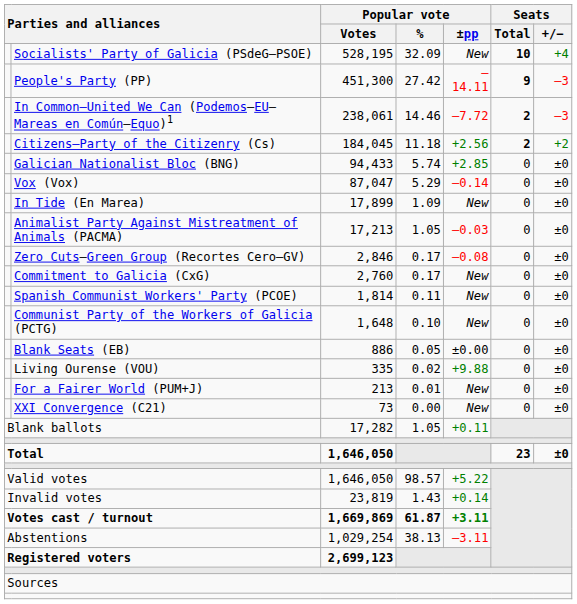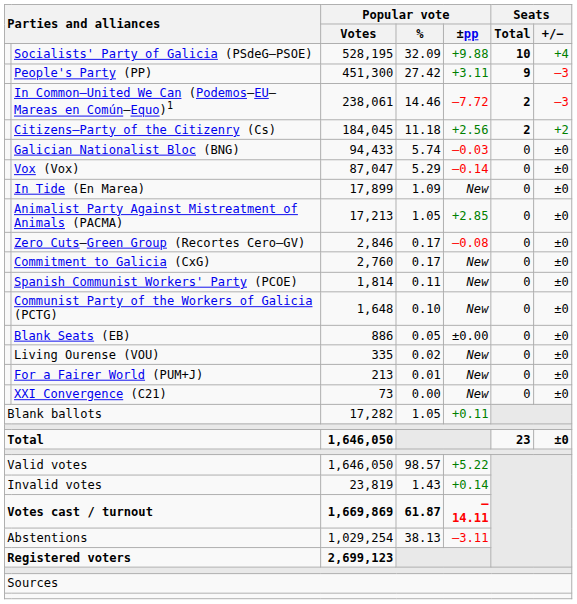 <table class="wikitable" style="text-align:right;">
 <tr>
 <th style="text-align:left;" rowspan="2" colspan="2" width="525">Parties and alliances</th>
 <th colspan="3">Popular vote</th>
 <th colspan="2">Seats</th>
 </tr>
 <tr>
 <th width="75">Votes</th>
 <th width="45">%</th>
 <th width="45">±<a href='#'>pp</a></th>
 <th width="35">Total</th>
 <th width="35">+/−</th>
 </tr>
 <tr>
 <td width="1" style="color:inherit;background:"></td>
 <td align="left"><a href='#'>Socialists' Party of Galicia</a> (PSdeG–PSOE)</td>
 <td>528,195</td>
 <td>32.09</td>
-<td><em>New</em></td>
+<td style="color:green;">+9.88</td>
 <td><strong>10</strong></td>
 <td style="color:green;">+4</td>
 </tr>
 <tr>
 <td style="color:inherit;background:"></td>
 <td align="left"><a href='#'>People's Party</a> (PP)</td>
 <td>451,300</td>
 <td>27.42</td>
-<td style="color:red;">–14.11</td>
+<td style="color:green;">+3.11</td>
 <td><strong>9</strong></td>
 <td style="color:red;">–3</td>
 </tr>
 <tr>
 <td style="color:inherit;background:"></td>
 <td align="left"><a href='#'>In Common–United We Can</a> (<a href='#'>Podemos</a>–<a href='#'>EU</a>–<a href='#'>Mareas en Común</a>–<a href='#'>Equo</a>)<sup>1</sup></td>
 <td>238,061</td>
 <td>14.46</td>
 <td style="color:red;">–7.72</td>
 <td><strong>2</strong></td>
 <td style="color:red;">–3</td>
 </tr>
 <tr>
 <td style="color:inherit;background:"></td>
 <td align="left"><a href='#'>Citizens–Party of the Citizenry</a> (Cs)</td>
 <td>184,045</td>
 <td>11.18</td>
 <td style="color:green;">+2.56</td>
 <td><strong>2</strong></td>
 <td style="color:green;">+2</td>
 </tr>
 <tr>
 <td style="color:inherit;background:"></td>
 <td align="left"><a href='#'>Galician Nationalist Bloc</a> (BNG)</td>
 <td>94,433</td>
 <td>5.74</td>
-<td style="color:green;">+2.85</td>
+<td style="color:red;">–0.03</td>
 <td>0</td>
 <td>±0</td>
 </tr>
 <tr>
 <td style="color:inherit;background:"></td>
 <td align="left"><a href='#'>Vox</a> (Vox)</td>
 <td>87,047</td>
 <td>5.29</td>
 <td style="color:red;">–0.14</td>
 <td>0</td>
 <td>±0</td>
 </tr>
 <tr>
 <td style="color:inherit;background:"></td>
 <td align="left"><a href='#'>In Tide</a> (En Marea)</td>
 <td>17,899</td>
 <td>1.09</td>
 <td><em>New</em></td>
 <td>0</td>
 <td>±0</td>
 </tr>
 <tr>
 <td style="color:inherit;background:"></td>
 <td align="left"><a href='#'>Animalist Party Against Mistreatment of Animals</a> (PACMA)</td>
 <td>17,213</td>
 <td>1.05</td>
-<td style="color:red;">–0.03</td>
+<td style="color:green;">+2.85</td>
 <td>0</td>
 <td>±0</td>
 </tr>
 <tr>
 <td style="color:inherit;background:"></td>
 <td align="left"><a href='#'>Zero Cuts</a>–<a href='#'>Green Group</a> (Recortes Cero–GV)</td>
 <td>2,846</td>
 <td>0.17</td>
 <td style="color:red;">–0.08</td>
 <td>0</td>
 <td>±0</td>
 </tr>
 <tr>
 <td style="color:inherit;background:"></td>
 <td align="left"><a href='#'>Commitment to Galicia</a> (CxG)</td>
 <td>2,760</td>
 <td>0.17</td>
 <td><em>New</em></td>
 <td>0</td>
 <td>±0</td>
 </tr>
 <tr>
 <td style="color:inherit;background:"></td>
 <td align="left"><a href='#'>Spanish Communist Workers' Party</a> (PCOE)</td>
 <td>1,814</td>
 <td>0.11</td>
 <td><em>New</em></td>
 <td>0</td>
 <td>±0</td>
 </tr>
 <tr>
 <td style="color:inherit;background:"></td>
 <td align="left"><a href='#'>Communist Party of the Workers of Galicia</a> (PCTG)</td>
 <td>1,648</td>
 <td>0.10</td>
 <td><em>New</em></td>
 <td>0</td>
 <td>±0</td>
 </tr>
 <tr>
 <td style="color:inherit;background:"></td>
 <td align="left"><a href='#'>Blank Seats</a> (EB)</td>
 <td>886</td>
 <td>0.05</td>
 <td>±0.00</td>
 <td>0</td>
 <td>±0</td>
 </tr>
 <tr>
 <td style="color:inherit;background:"></td>
 <td align="left">Living Ourense (VOU)</td>
 <td>335</td>
 <td>0.02</td>
-<td style="color:green;">+9.88</td>
+<td><em>New</em></td>
 <td>0</td>
 <td>±0</td>
 </tr>
 <tr>
 <td style="color:inherit;background:"></td>
 <td align="left"><a href='#'>For a Fairer World</a> (PUM+J)</td>
 <td>213</td>
 <td>0.01</td>
 <td><em>New</em></td>
 <td>0</td>
 <td>±0</td>
 </tr>
 <tr>
 <td style="color:inherit;background:"></td>
 <td align="left"><a href='#'>XXI Convergence</a> (C21)</td>
 <td>73</td>
 <td>0.00</td>
 <td><em>New</em></td>
 <td>0</td>
 <td>±0</td>
 </tr>
 <tr>
 <td align="left" colspan="2">Blank ballots</td>
 <td>17,282</td>
 <td>1.05</td>
 <td style="color:green;">+0.11</td>
 <td bgcolor="#E9E9E9" colspan="2"></td>
 </tr>
 <tr>
 <td colspan="7" bgcolor="#E9E9E9"></td>
 </tr>
 <tr style="font-weight:bold;">
 <td align="left" colspan="2">Total</td>
 <td>1,646,050</td>
 <td bgcolor="#E9E9E9" colspan="2"></td>
 <td>23</td>
 <td>±0</td>
 </tr>
 <tr>
 <td colspan="7" bgcolor="#E9E9E9"></td>
 </tr>
 <tr>
 <td align="left" colspan="2">Valid votes</td>
 <td>1,646,050</td>
 <td>98.57</td>
 <td style="color:green;">+5.22</td>
 <td bgcolor="#E9E9E9" colspan="2" rowspan="5"></td>
 </tr>
 <tr>
 <td align="left" colspan="2">Invalid votes</td>
 <td>23,819</td>
 <td>1.43</td>
 <td style="color:green;">+0.14</td>
 </tr>
 <tr style="font-weight:bold;">
 <td align="left" colspan="2">Votes cast / turnout</td>
 <td>1,669,869</td>
 <td>61.87</td>
-<td style="color:green;">+3.11</td>
+<td style="color:red;">–14.11</td>
 </tr>
 <tr>
 <td align="left" colspan="2">Abstentions</td>
 <td>1,029,254</td>
 <td>38.13</td>
 <td style="color:red;">–3.11</td>
 </tr>
 <tr style="font-weight:bold;">
 <td align="left" colspan="2">Registered voters</td>
 <td>2,699,123</td>
 <td bgcolor="#E9E9E9" colspan="2"></td>
 </tr>
 <tr>
 <td colspan="7" bgcolor="#E9E9E9"></td>
 </tr>
 <tr>
 <td align="left" colspan="7">Sources</td>
 </tr>
 <tr>
 <td colspan="7" style="text-align:left; max-width:790px;"></td>
 </tr>
 </table>
